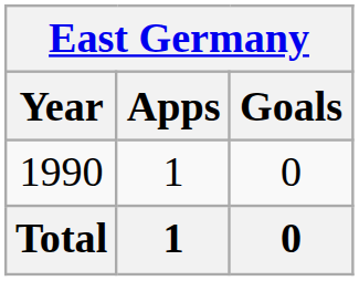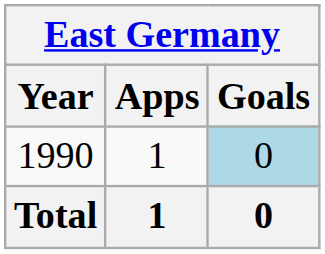 <table class="wikitable" style="text-align:center">
 <tr>
 <th colspan=3><a href='#'>East Germany</a></th>
 </tr>
 <tr>
 <th>Year</th>
 <th>Apps</th>
 <th>Goals</th>
 </tr>
 <tr>
 <td>1990</td>
 <td>1</td>
-<td>0</td>
+<td style="background: lightblue;">0</td>
 </tr>
 <tr>
 <th>Total</th>
 <th>1</th>
 <th>0</th>
 </tr>
 </table>
